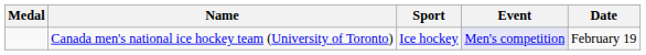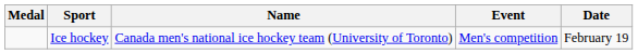 <table class="wikitable sortable" style="font-size:90%">
 <tr>
 <th>Medal</th>
+<th>Sport</th>
 <th>Name</th>
-<th>Sport</th>
 <th>Event</th>
 <th>Date</th>
 </tr>
 <tr>
 <td></td>
+<td><a href='#'>Ice hockey</a></td>
 <td><a href='#'>Canada men's national ice hockey team</a> (<a href='#'>University of Toronto</a>)<br></td>
-<td><a href='#'>Ice hockey</a></td>
-<td style="background: lavender;"><a href='#'>Men's competition</a></td>
+<td><a href='#'>Men's competition</a></td>
 <td>February 19</td>
 </tr>
 </table>
